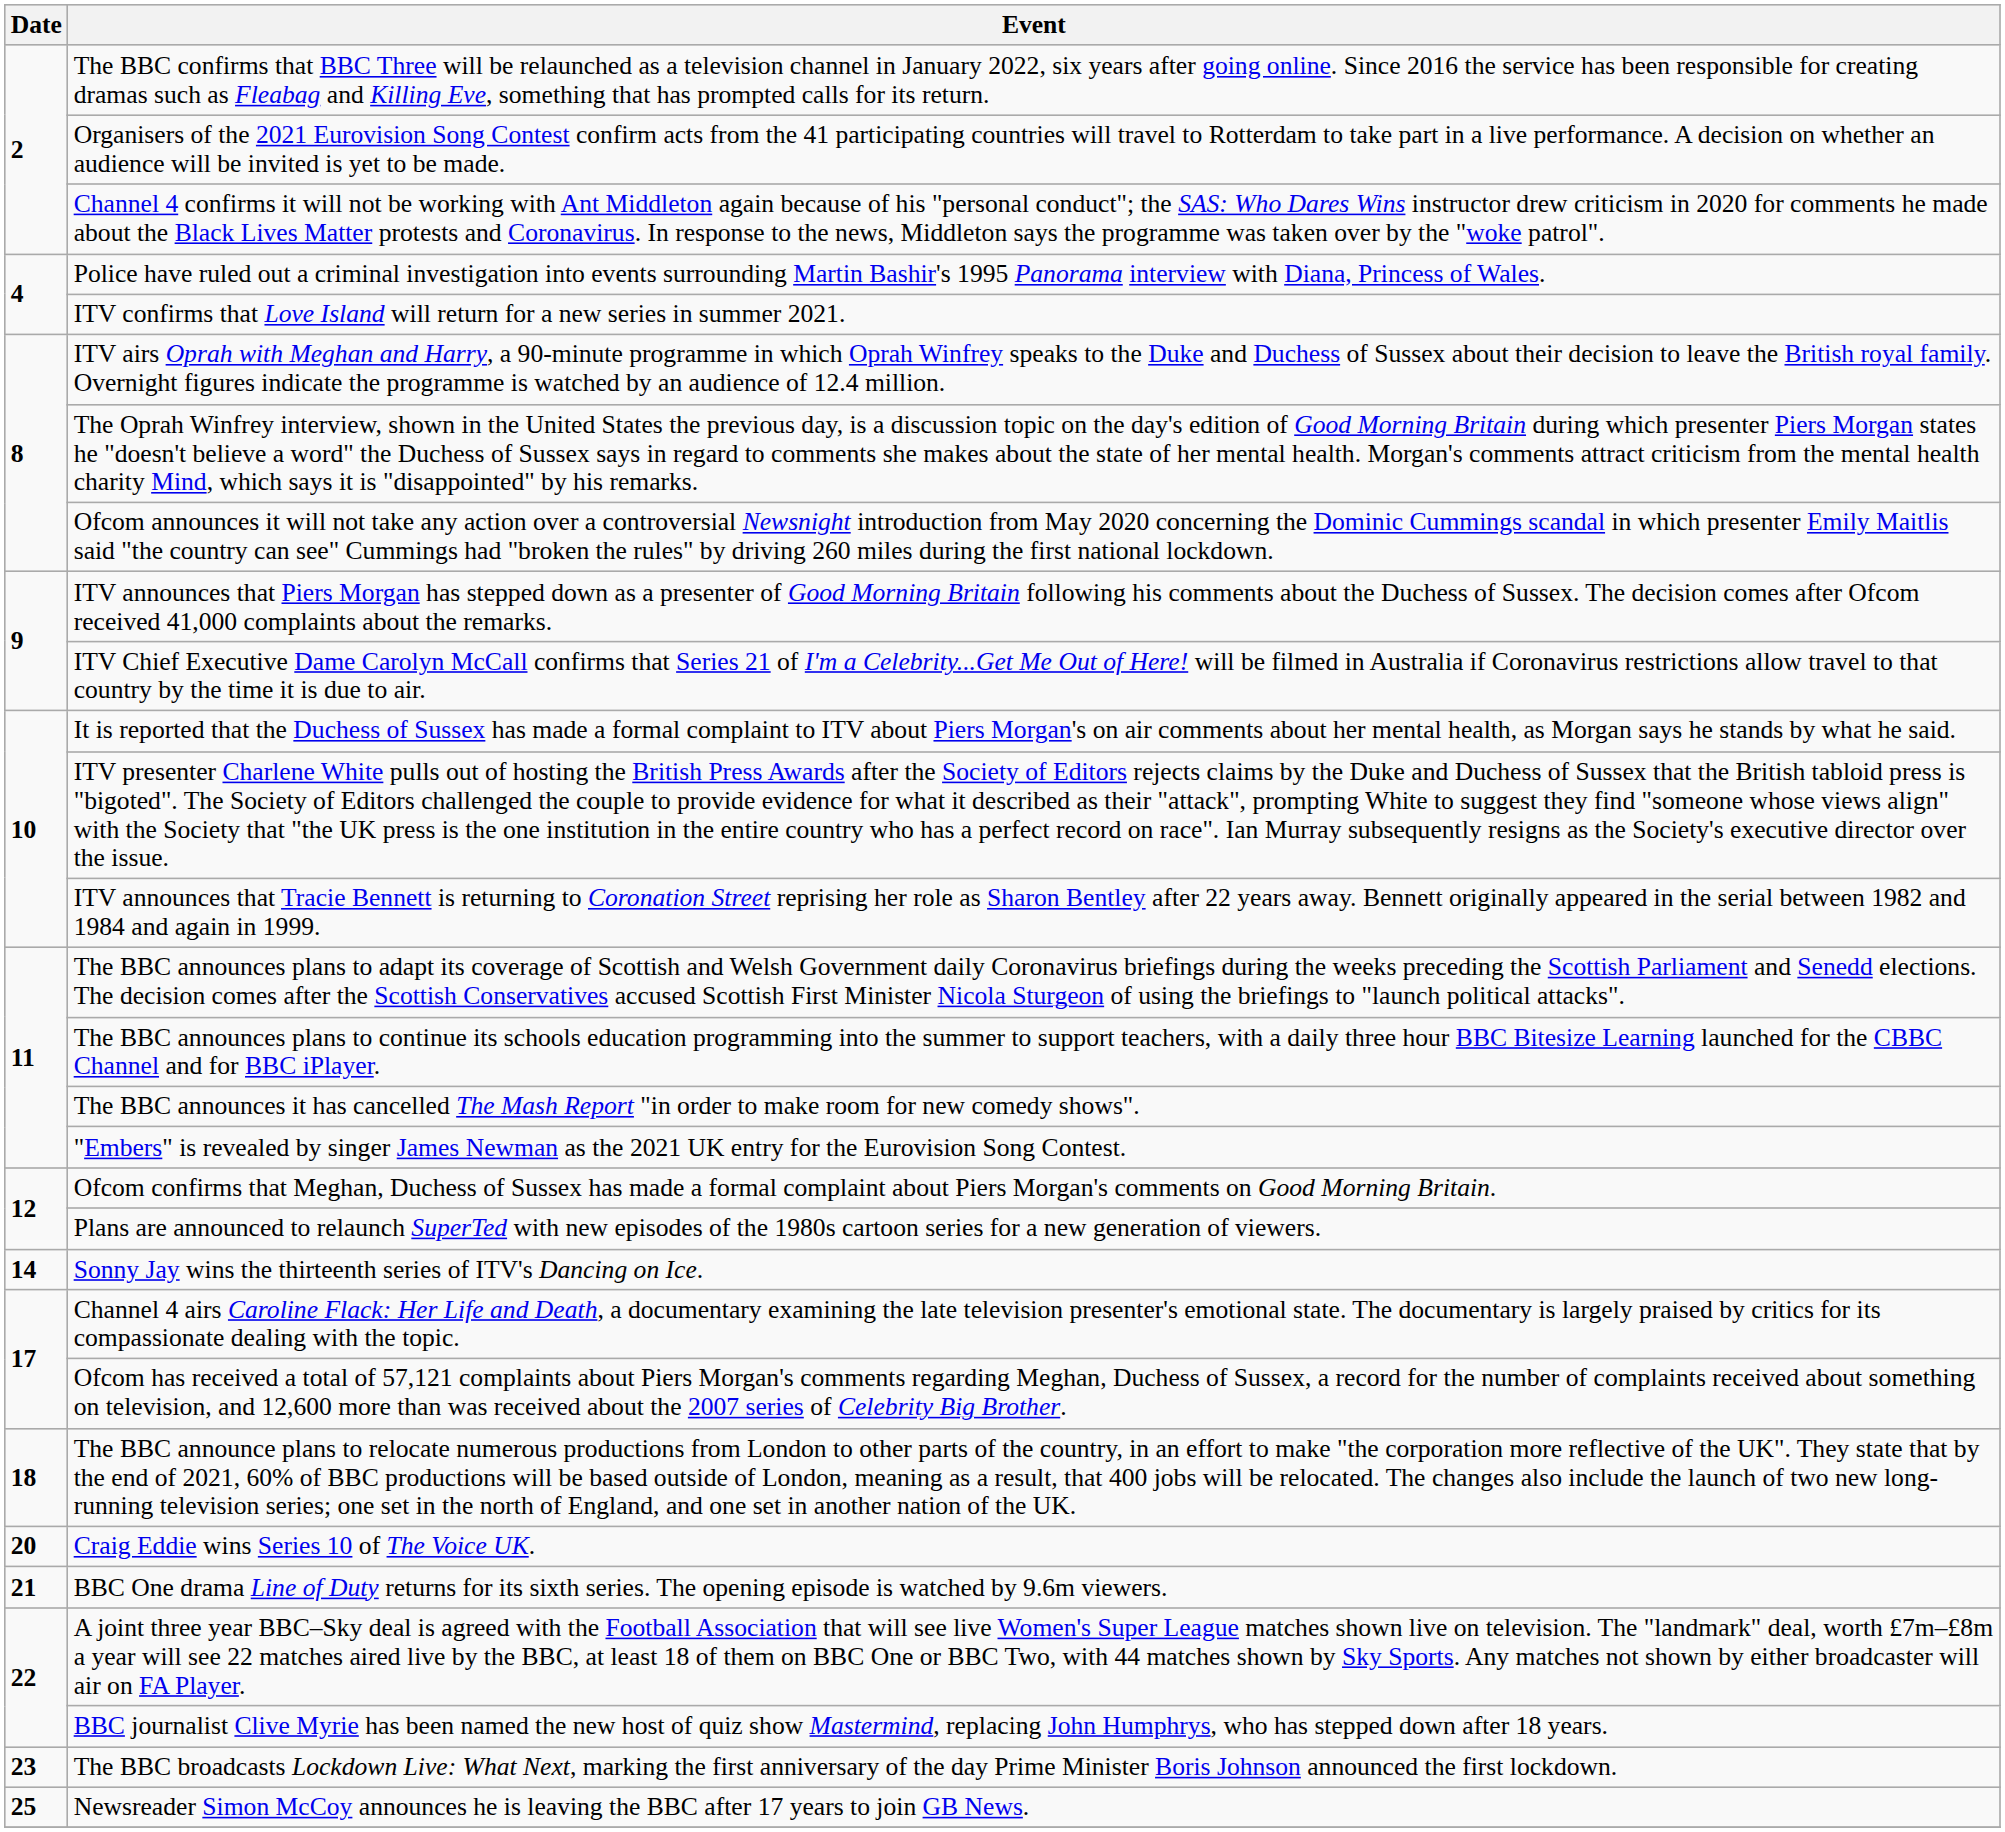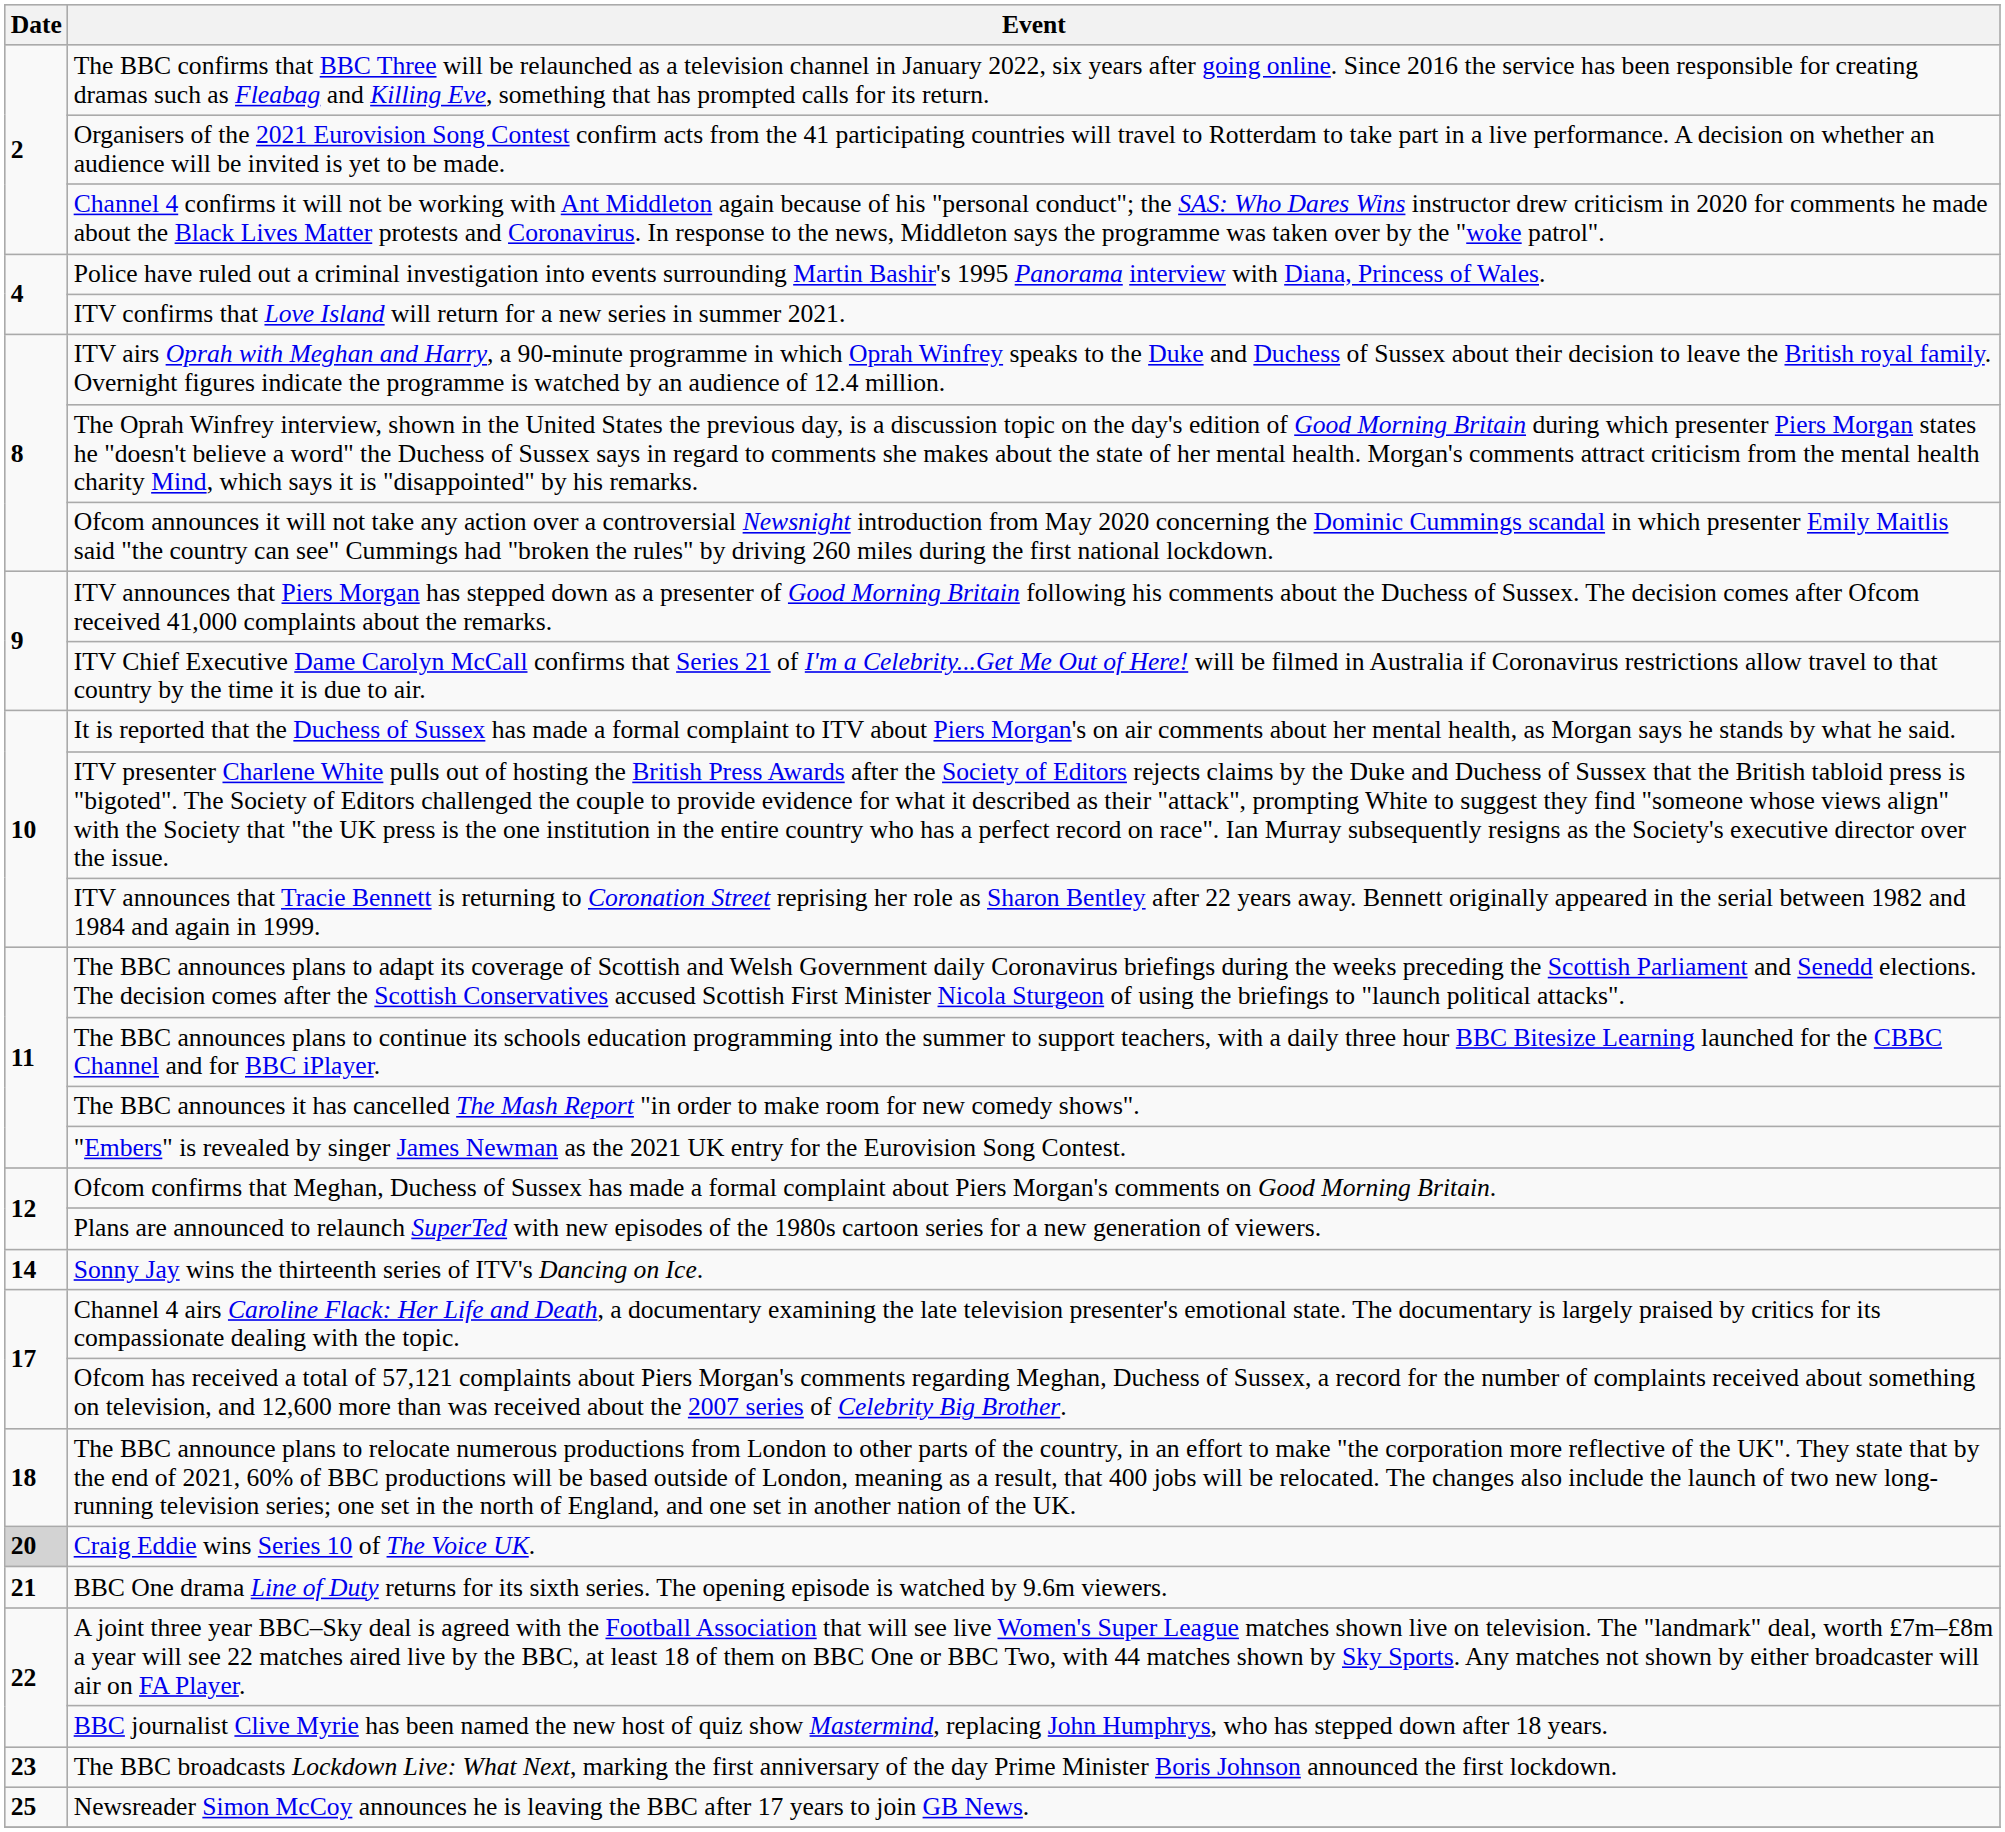 <table class="wikitable">
 <tr>
 <th>Date</th>
 <th>Event</th>
 </tr>
 <tr>
 <td rowspan=3><strong>2</strong></td>
 <td>The BBC confirms that <a href='#'>BBC Three</a> will be relaunched as a television channel in January 2022, six years after <a href='#'>going online</a>. Since 2016 the service has been responsible for creating dramas such as <em><a href='#'>Fleabag</a></em> and <em><a href='#'>Killing Eve</a></em>, something that has prompted calls for its return.</td>
 </tr>
 <tr>
 <td>Organisers of the <a href='#'>2021 Eurovision Song Contest</a> confirm acts from the 41 participating countries will travel to Rotterdam to take part in a live performance. A decision on whether an audience will be invited is yet to be made.</td>
 </tr>
 <tr>
 <td><a href='#'>Channel 4</a> confirms it will not be working with <a href='#'>Ant Middleton</a> again because of his "personal conduct"; the <em><a href='#'>SAS: Who Dares Wins</a></em> instructor drew criticism in 2020 for comments he made about the <a href='#'>Black Lives Matter</a> protests and <a href='#'>Coronavirus</a>. In response to the news, Middleton says the programme was taken over by the "<a href='#'>woke</a> patrol".</td>
 </tr>
 <tr>
 <td rowspan=2><strong>4</strong></td>
 <td>Police have ruled out a criminal investigation into events surrounding <a href='#'>Martin Bashir</a>'s 1995 <em><a href='#'>Panorama</a></em> <a href='#'>interview</a> with <a href='#'>Diana, Princess of Wales</a>.</td>
 </tr>
 <tr>
 <td>ITV confirms that <em><a href='#'>Love Island</a></em> will return for a new series in summer 2021.</td>
 </tr>
 <tr>
 <td rowspan=3><strong>8</strong></td>
 <td>ITV airs <em><a href='#'>Oprah with Meghan and Harry</a></em>, a 90-minute programme in which <a href='#'>Oprah Winfrey</a> speaks to the <a href='#'>Duke</a> and <a href='#'>Duchess</a> of Sussex about their decision to leave the <a href='#'>British royal family</a>. Overnight figures indicate the programme is watched by an audience of 12.4 million.</td>
 </tr>
 <tr>
 <td>The Oprah Winfrey interview, shown in the United States the previous day, is a discussion topic on the day's edition of <em><a href='#'>Good Morning Britain</a></em> during which presenter <a href='#'>Piers Morgan</a> states he "doesn't believe a word" the Duchess of Sussex says in regard to comments she makes about the state of her mental health. Morgan's comments attract criticism from the mental health charity <a href='#'>Mind</a>, which says it is "disappointed" by his remarks.</td>
 </tr>
 <tr>
 <td>Ofcom announces it will not take any action over a controversial <em><a href='#'>Newsnight</a></em> introduction from May 2020 concerning the <a href='#'>Dominic Cummings scandal</a> in which presenter <a href='#'>Emily Maitlis</a> said "the country can see" Cummings had "broken the rules" by driving 260 miles during the first national lockdown.</td>
 </tr>
 <tr>
 <td rowspan=2><strong>9</strong></td>
 <td>ITV announces that <a href='#'>Piers Morgan</a> has stepped down as a presenter of <em><a href='#'>Good Morning Britain</a></em> following his comments about the Duchess of Sussex. The decision comes after Ofcom received 41,000 complaints about the remarks.</td>
 </tr>
 <tr>
 <td>ITV Chief Executive <a href='#'>Dame Carolyn McCall</a> confirms that <a href='#'>Series 21</a> of <em><a href='#'>I'm a Celebrity...Get Me Out of Here!</a></em> will be filmed in Australia if Coronavirus restrictions allow travel to that country by the time it is due to air.</td>
 </tr>
 <tr>
 <td rowspan=3><strong>10</strong></td>
 <td>It is reported that the <a href='#'>Duchess of Sussex</a> has made a formal complaint to ITV about <a href='#'>Piers Morgan</a>'s on air comments about her mental health, as Morgan says he stands by what he said.</td>
 </tr>
 <tr>
 <td>ITV presenter <a href='#'>Charlene White</a> pulls out of hosting the <a href='#'>British Press Awards</a> after the <a href='#'>Society of Editors</a> rejects claims by the Duke and Duchess of Sussex that the British tabloid press is "bigoted". The Society of Editors challenged the couple to provide evidence for what it described as their "attack", prompting White to suggest they find "someone whose views align" with the Society that "the UK press is the one institution in the entire country who has a perfect record on race". Ian Murray subsequently resigns as the Society's executive director over the issue.</td>
 </tr>
 <tr>
 <td>ITV announces that <a href='#'>Tracie Bennett</a> is returning to <em><a href='#'>Coronation Street</a></em> reprising her role as <a href='#'>Sharon Bentley</a> after 22 years away. Bennett originally appeared in the serial between 1982 and 1984 and again in 1999.</td>
 </tr>
 <tr>
 <td rowspan=4><strong>11</strong></td>
 <td>The BBC announces plans to adapt its coverage of Scottish and Welsh Government daily Coronavirus briefings during the weeks preceding the <a href='#'>Scottish Parliament</a> and <a href='#'>Senedd</a> elections. The decision comes after the <a href='#'>Scottish Conservatives</a> accused Scottish First Minister <a href='#'>Nicola Sturgeon</a> of using the briefings to "launch political attacks".</td>
 </tr>
 <tr>
 <td>The BBC announces plans to continue its schools education programming into the summer to support teachers, with a daily three hour <a href='#'>BBC Bitesize Learning</a> launched for the <a href='#'>CBBC Channel</a> and for <a href='#'>BBC iPlayer</a>.</td>
 </tr>
 <tr>
 <td>The BBC announces it has cancelled <em><a href='#'>The Mash Report</a></em> "in order to make room for new comedy shows".</td>
 </tr>
 <tr>
 <td>"<a href='#'>Embers</a>" is revealed by singer <a href='#'>James Newman</a> as the 2021 UK entry for the Eurovision Song Contest.</td>
 </tr>
 <tr>
 <td rowspan=2><strong>12</strong></td>
 <td>Ofcom confirms that Meghan, Duchess of Sussex has made a formal complaint about Piers Morgan's comments on <em>Good Morning Britain</em>.</td>
 </tr>
 <tr>
 <td>Plans are announced to relaunch <em><a href='#'>SuperTed</a></em> with new episodes of the 1980s cartoon series for a new generation of viewers.</td>
 </tr>
 <tr>
 <td><strong>14</strong></td>
 <td><a href='#'>Sonny Jay</a> wins the thirteenth series of ITV's <em>Dancing on Ice</em>.</td>
 </tr>
 <tr>
 <td rowspan=2><strong>17</strong></td>
 <td>Channel 4 airs <em><a href='#'>Caroline Flack: Her Life and Death</a></em>, a documentary examining the late television presenter's emotional state. The documentary is largely praised by critics for its compassionate dealing with the topic.</td>
 </tr>
 <tr>
 <td>Ofcom has received a total of 57,121 complaints about Piers Morgan's comments regarding Meghan, Duchess of Sussex, a record for the number of complaints received about something on television, and 12,600 more than was received about the <a href='#'>2007 series</a> of <em><a href='#'>Celebrity Big Brother</a></em>.</td>
 </tr>
 <tr>
 <td><strong>18</strong></td>
 <td>The BBC announce plans to relocate numerous productions from London to other parts of the country, in an effort to make "the corporation more reflective of the UK". They state that by the end of 2021, 60% of BBC productions will be based outside of London, meaning as a result, that 400 jobs will be relocated. The changes also include the launch of two new long-running television series; one set in the north of England, and one set in another nation of the UK.</td>
 </tr>
 <tr>
-<td><strong>20</strong></td>
+<td style="background: lightgrey;"><strong>20</strong></td>
 <td><a href='#'>Craig Eddie</a> wins <a href='#'>Series 10</a> of <em><a href='#'>The Voice UK</a></em>.</td>
 </tr>
 <tr>
 <td><strong>21</strong></td>
 <td>BBC One drama <em><a href='#'>Line of Duty</a></em> returns for its sixth series. The opening episode is watched by 9.6m viewers.</td>
 </tr>
 <tr>
 <td rowspan=2><strong>22</strong></td>
 <td>A joint three year BBC–Sky deal is agreed with the <a href='#'>Football Association</a> that will see live <a href='#'>Women's Super League</a> matches shown live on television. The "landmark" deal, worth £7m–£8m a year will see 22 matches aired live by the BBC, at least 18 of them on BBC One or BBC Two, with 44 matches shown by <a href='#'>Sky Sports</a>. Any matches not shown by either broadcaster will air on <a href='#'>FA Player</a>.</td>
 </tr>
 <tr>
 <td><a href='#'>BBC</a> journalist <a href='#'>Clive Myrie</a> has been named the new host of quiz show <em><a href='#'>Mastermind</a></em>, replacing <a href='#'>John Humphrys</a>, who has stepped down after 18 years.</td>
 </tr>
 <tr>
 <td><strong>23</strong></td>
 <td>The BBC broadcasts <em>Lockdown Live: What Next</em>, marking the first anniversary of the day Prime Minister <a href='#'>Boris Johnson</a> announced the first lockdown.</td>
 </tr>
 <tr>
 <td><strong>25</strong></td>
 <td>Newsreader <a href='#'>Simon McCoy</a> announces he is leaving the BBC after 17 years to join <a href='#'>GB News</a>.</td>
 </tr>
 <tr>
 </tr>
 </table>
